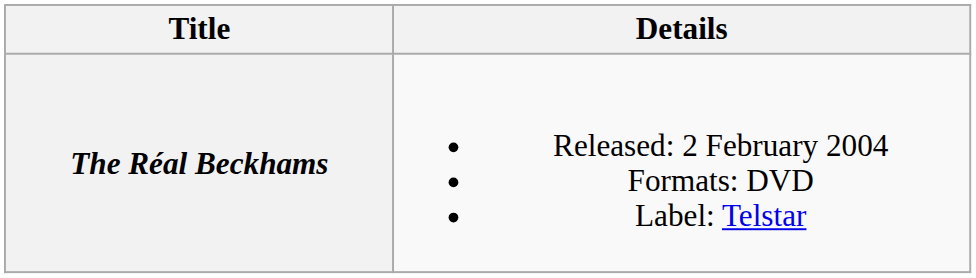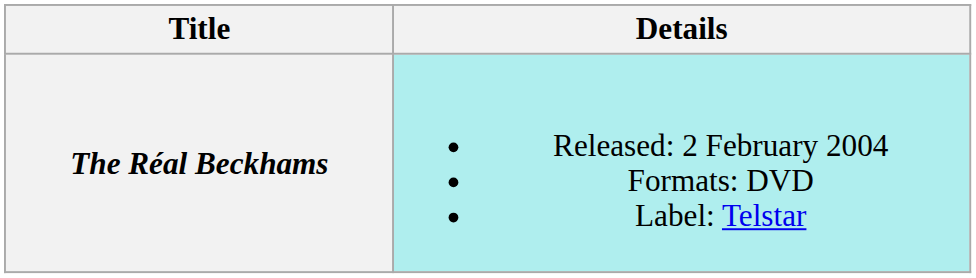 <table class="wikitable plainrowheaders" style="text-align:center;">
 <tr>
 <th scope="col" style="width:12em;">Title</th>
 <th scope="col" style="width:18em;">Details</th>
 </tr>
 <tr>
 <th scope="row"><em>The Réal Beckhams</em></th>
-<td><br><ul><li>Released: 2 February 2004</li><li>Formats: DVD</li><li>Label: <a href='#'>Telstar</a></li></ul></td>
+<td style="background: paleturquoise;"><br><ul><li>Released: 2 February 2004</li><li>Formats: DVD</li><li>Label: <a href='#'>Telstar</a></li></ul></td>
 </tr>
 </table>
